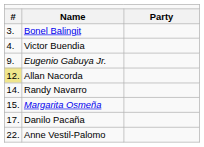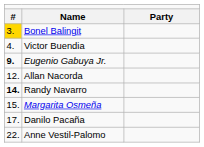 <table class=wikitable style="font-size:90%">
 <tr>
 <td colspan=4 bgcolor=></td>
 </tr>
 <tr>
 <th>#</th>
 <th width=150px>Name</th>
 <th colspan=2 width=110px>Party</th>
 </tr>
 <tr>
-<td>3.</td>
+<td style="background: gold;">3.</td>
 <td><a href='#'>Bonel Balingit</a></td>
 <td></td>
 </tr>
 <tr>
 <td>4.</td>
 <td>Victor Buendia</td>
 <td></td>
 </tr>
 <tr>
-<td>9.</td>
+<td><strong>9.</strong></td>
 <td><em>Eugenio Gabuya Jr.</em></td>
 <td></td>
 </tr>
 <tr>
-<td style="background: khaki;">12.</td>
+<td>12.</td>
 <td>Allan Nacorda</td>
 <td></td>
 </tr>
 <tr>
-<td>14.</td>
+<td><strong>14.</strong></td>
 <td>Randy Navarro</td>
 <td></td>
 </tr>
 <tr>
 <td>15.</td>
 <td><em><a href='#'>Margarita Osmeña</a></em></td>
 <td></td>
 </tr>
 <tr>
 <td>17.</td>
 <td>Danilo Pacaña</td>
 <td></td>
 </tr>
 <tr>
 <td>22.</td>
 <td>Anne Vestil-Palomo</td>
 <td></td>
 </tr>
 </table>
